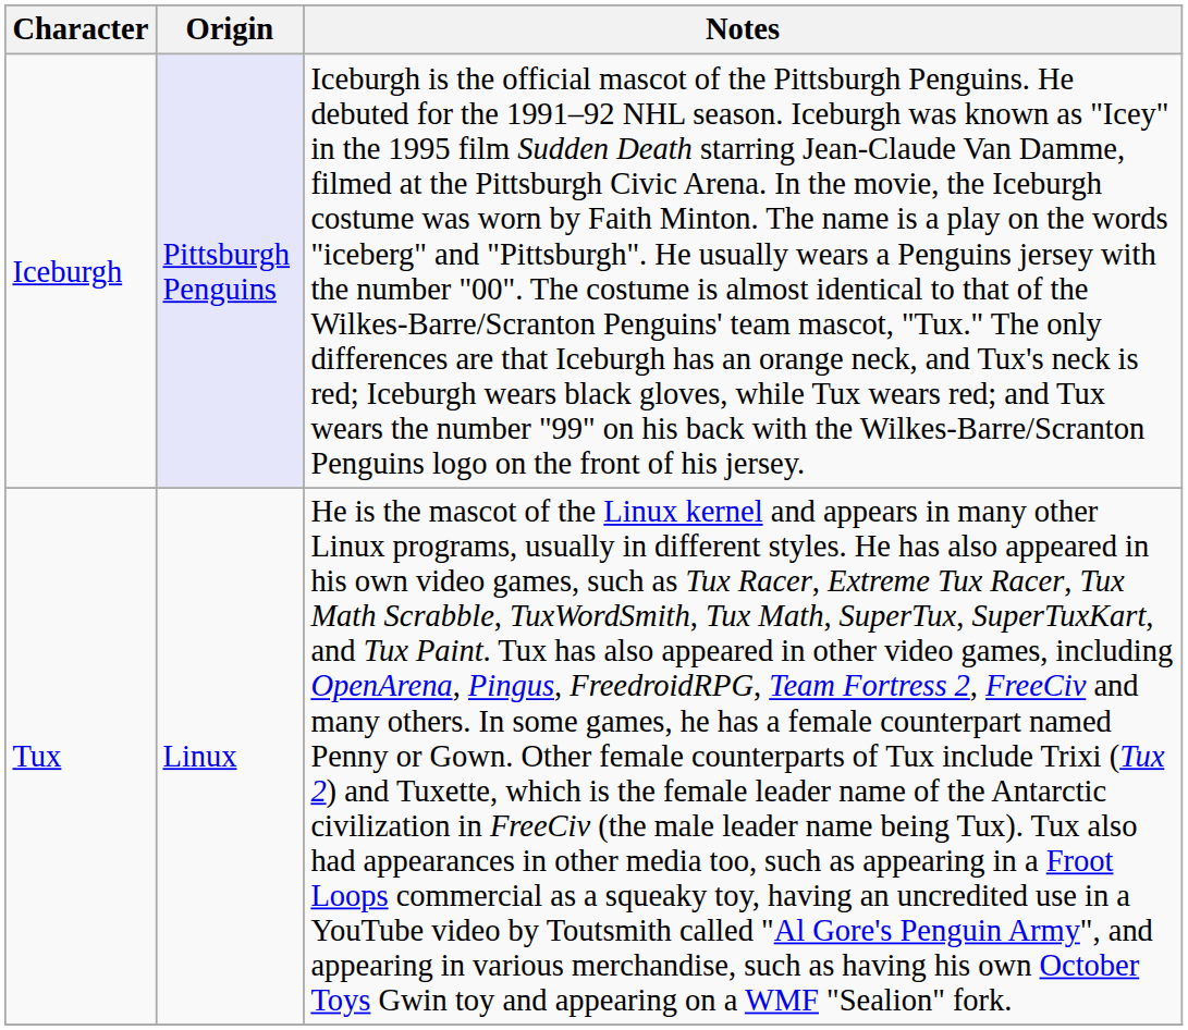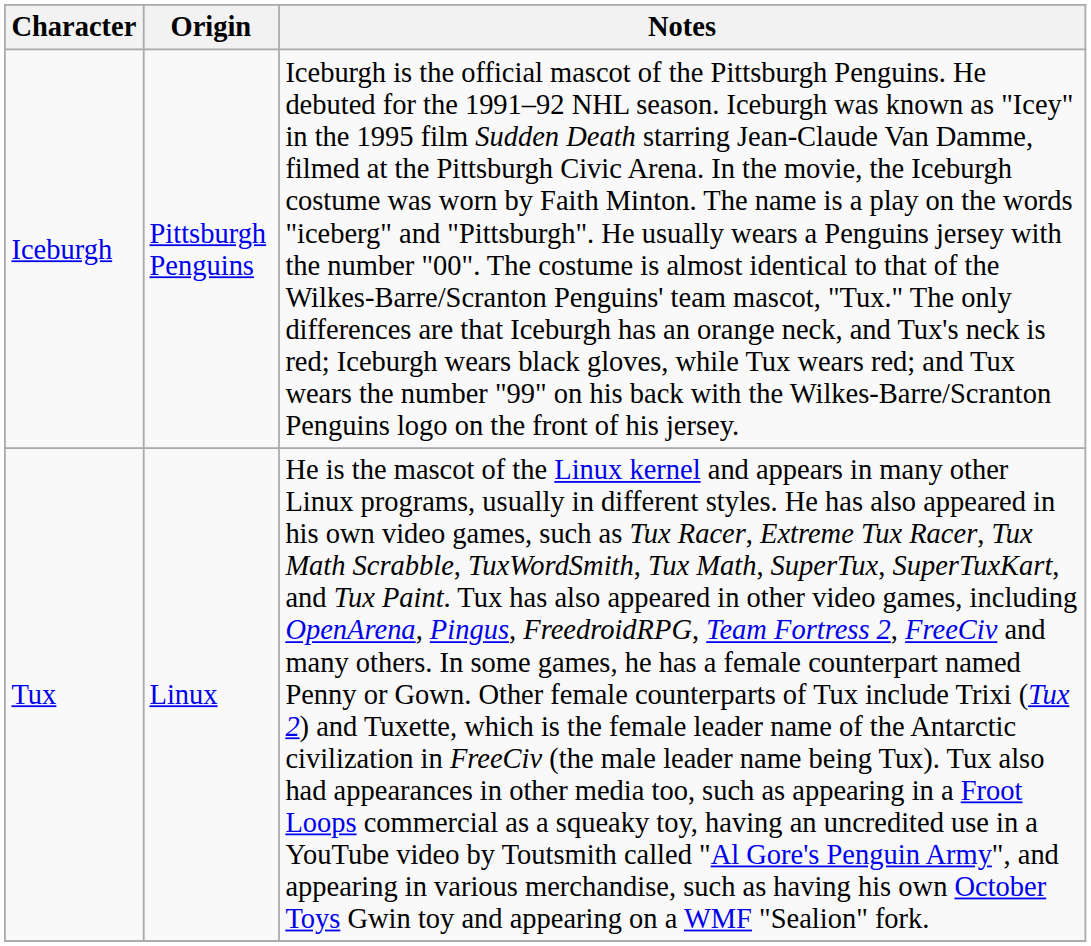 <table class="wikitable sortable">
 <tr>
 <th>Character</th>
 <th>Origin</th>
 <th>Notes</th>
 </tr>
 <tr>
 <td><a href='#'>Iceburgh</a></td>
-<td style="background: lavender;"><a href='#'>Pittsburgh Penguins</a></td>
+<td><a href='#'>Pittsburgh Penguins</a></td>
 <td>Iceburgh is the official mascot of the Pittsburgh Penguins. He debuted for the 1991–92 NHL season. Iceburgh was known as "Icey" in the 1995 film <em>Sudden Death</em> starring Jean-Claude Van Damme, filmed at the Pittsburgh Civic Arena. In the movie, the Iceburgh costume was worn by Faith Minton. The name is a play on the words "iceberg" and "Pittsburgh". He usually wears a Penguins jersey with the number "00". The costume is almost identical to that of the Wilkes-Barre/Scranton Penguins' team mascot, "Tux." The only differences are that Iceburgh has an orange neck, and Tux's neck is red; Iceburgh wears black gloves, while Tux wears red; and Tux wears the number "99" on his back with the Wilkes-Barre/Scranton Penguins logo on the front of his jersey.</td>
 </tr>
 <tr>
 <td><a href='#'>Tux</a></td>
 <td><a href='#'>Linux</a></td>
 <td>He is the mascot of the <a href='#'>Linux kernel</a> and appears in many other Linux programs, usually in different styles. He has also appeared in his own video games, such as <em>Tux Racer</em>, <em>Extreme Tux Racer</em>, <em>Tux Math Scrabble</em>, <em>TuxWordSmith</em>, <em>Tux Math</em>, <em>SuperTux</em>, <em>SuperTuxKart</em>, and <em>Tux Paint</em>. Tux has also appeared in other video games, including <em><a href='#'>OpenArena</a></em>, <em><a href='#'>Pingus</a></em>, <em>FreedroidRPG</em>, <em><a href='#'>Team Fortress 2</a></em>, <em><a href='#'>FreeCiv</a></em> and many others. In some games, he has a female counterpart named Penny or Gown. Other female counterparts of Tux include Trixi (<em><a href='#'>Tux 2</a></em>) and Tuxette, which is the female leader name of the Antarctic civilization in <em>FreeCiv</em> (the male leader name being Tux). Tux also had appearances in other media too, such as appearing in a <a href='#'>Froot Loops</a> commercial as a squeaky toy, having an uncredited use in a YouTube video by Toutsmith called "<a href='#'>Al Gore's Penguin Army</a>", and appearing in various merchandise, such as having his own <a href='#'>October Toys</a> Gwin toy and appearing on a <a href='#'>WMF</a> "Sealion" fork.</td>
 </tr>
 <tr>
 </tr>
 </table>
